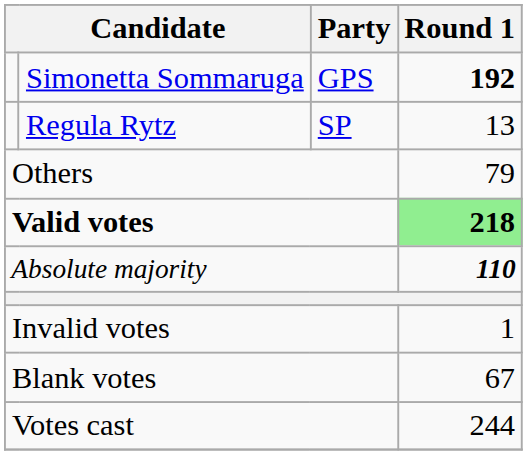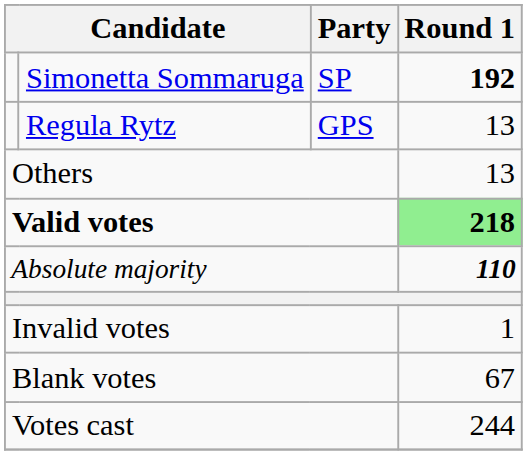 <table class="wikitable" style="text-align:right;">
 <tr>
 <th colspan=2>Candidate</th>
 <th>Party</th>
 <th>Round 1</th>
 </tr>
 <tr>
 <td style="background-color:"></td>
 <td style="text-align:left;"><a href='#'>Simonetta Sommaruga</a></td>
-<td style="text-align:left;"><a href='#'>GPS</a></td>
+<td style="text-align:left;"><a href='#'>SP</a></td>
 <td><strong>192</strong></td>
 </tr>
 <tr>
 <td style="background-color:"></td>
 <td style="text-align:left;"><a href='#'>Regula Rytz</a></td>
-<td style="text-align:left;"><a href='#'>SP</a></td>
+<td style="text-align:left;"><a href='#'>GPS</a></td>
 <td>13</td>
 </tr>
 <tr>
 <td colspan=3 style="text-align:left;">Others</td>
-<td>79</td>
+<td>13</td>
 </tr>
 <tr style="font-weight:bold;">
 <td colspan=3 style="text-align:left;">Valid votes</td>
 <td style="background: lightgreen;">218</td>
 </tr>
 <tr style="font-style:italic; font-size:90%;">
 <td colspan=3 style="text-align:left;">Absolute majority</td>
 <td><strong>110</strong></td>
 </tr>
 <tr>
 <th colspan=10></th>
 </tr>
 <tr>
 <td colspan=3 style="text-align:left;">Invalid votes</td>
 <td>1</td>
 </tr>
 <tr>
 <td colspan=3 style="text-align:left;">Blank votes</td>
 <td>67</td>
 </tr>
 <tr>
 <td colspan=3 style="text-align:left;">Votes cast</td>
 <td>244</td>
 </tr>
 <tr>
 </tr>
 </table>
